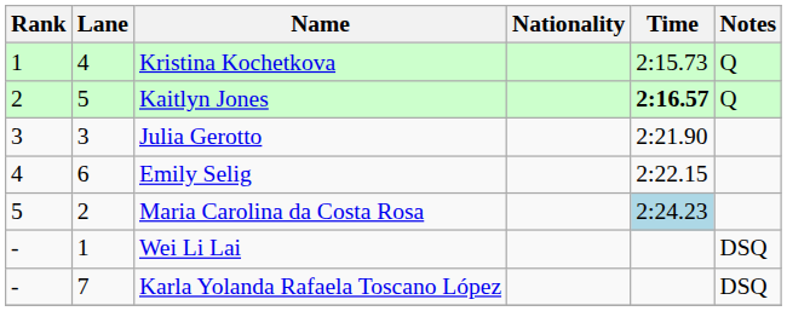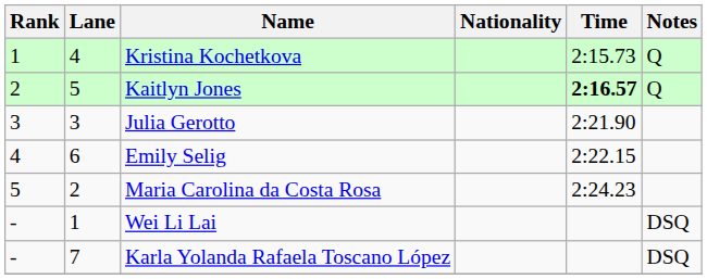 <table class="wikitable">
 <tr>
 <th>Rank</th>
 <th>Lane</th>
 <th>Name</th>
 <th>Nationality</th>
 <th>Time</th>
 <th>Notes</th>
 </tr>
 <tr bgcolor=ccffcc>
 <td>1</td>
 <td>4</td>
 <td><a href='#'>Kristina Kochetkova</a></td>
 <td></td>
 <td>2:15.73</td>
 <td>Q</td>
 </tr>
 <tr bgcolor=ccffcc>
 <td>2</td>
 <td>5</td>
 <td><a href='#'>Kaitlyn Jones</a></td>
 <td></td>
 <td><strong>2:16.57</strong></td>
 <td>Q</td>
 </tr>
 <tr>
 <td>3</td>
 <td>3</td>
 <td><a href='#'>Julia Gerotto</a></td>
 <td></td>
 <td>2:21.90</td>
 <td></td>
 </tr>
 <tr>
 <td>4</td>
 <td>6</td>
 <td><a href='#'>Emily Selig</a></td>
 <td></td>
 <td>2:22.15</td>
 <td></td>
 </tr>
 <tr>
 <td>5</td>
 <td>2</td>
 <td><a href='#'>Maria Carolina da Costa Rosa</a></td>
 <td></td>
-<td style="background: lightblue;">2:24.23</td>
+<td>2:24.23</td>
 <td></td>
 </tr>
 <tr>
 <td>-</td>
 <td>1</td>
 <td><a href='#'>Wei Li Lai</a></td>
 <td></td>
 <td></td>
 <td>DSQ</td>
 </tr>
 <tr>
 <td>-</td>
 <td>7</td>
 <td><a href='#'>Karla Yolanda Rafaela Toscano López</a></td>
 <td></td>
 <td></td>
 <td>DSQ</td>
 </tr>
 <tr>
 </tr>
 </table>
